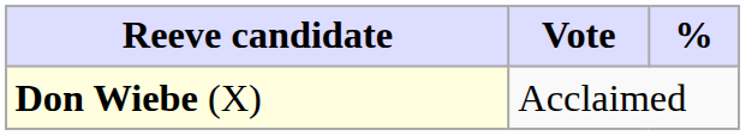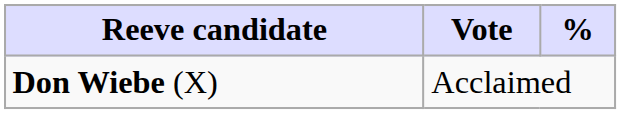 <table class="wikitable">
 <tr>
 <th style="background:#ddf;" width="200px">Reeve candidate</th>
 <th style="background:#ddf;" width="50px">Vote</th>
 <th style="background:#ddf;" width="30px">%</th>
 </tr>
 <tr>
-<td style="background: lightyellow;"><strong>Don Wiebe</strong> (X)</td>
+<td><strong>Don Wiebe</strong> (X)</td>
 <td colspan="2">Acclaimed</td>
 </tr>
 </table>
